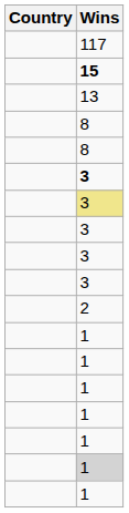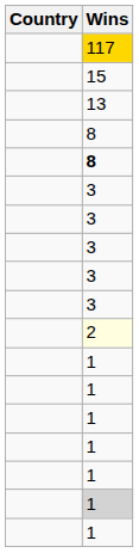 <table class="wikitable sortable" style="border-collapse:collapse">
 <tr>
 <th>Country</th>
 <th data-sort-type=number>Wins</th>
 </tr>
 <tr>
 <td></td>
-<td>117</td>
+<td style="background: gold;">117</td>
 </tr>
 <tr>
 <td></td>
-<td><strong>15</strong></td>
+<td>15</td>
 </tr>
 <tr>
 <td></td>
 <td>13</td>
 </tr>
 <tr>
 <td></td>
 <td>8</td>
 </tr>
 <tr>
 <td></td>
-<td>8</td>
-</tr>
-<tr>
-<td></td>
-<td><strong>3</strong></td>
-</tr>
-<tr>
-<td></td>
-<td style="background: khaki;">3</td>
+<td><strong>8</strong></td>
 </tr>
 <tr>
 <td></td>
 <td>3</td>
 </tr>
 <tr>
 <td></td>
 <td>3</td>
 </tr>
 <tr>
 <td></td>
 <td>3</td>
 </tr>
 <tr>
 <td></td>
-<td>2</td>
+<td>3</td>
+</tr>
+<tr>
+<td></td>
+<td>3</td>
+</tr>
+<tr>
+<td></td>
+<td style="background: lightyellow;">2</td>
 </tr>
 <tr>
 <td></td>
 <td>1</td>
 </tr>
 <tr>
 <td></td>
 <td>1</td>
 </tr>
 <tr>
 <td></td>
 <td>1</td>
 </tr>
 <tr>
 <td></td>
 <td>1</td>
 </tr>
 <tr>
 <td></td>
 <td>1</td>
 </tr>
 <tr>
 <td></td>
 <td style="background: lightgrey;">1</td>
 </tr>
 <tr>
 <td></td>
 <td>1</td>
 </tr>
 </table>
